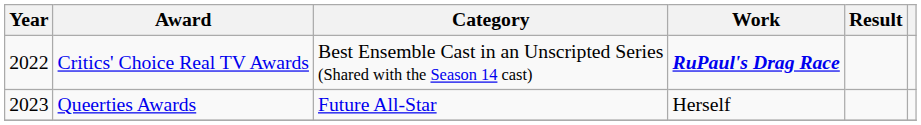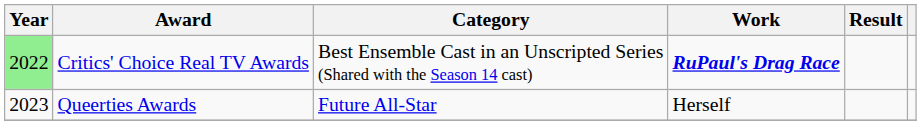 <table class="wikitable">
 <tr>
 <th>Year</th>
 <th>Award</th>
 <th>Category</th>
 <th>Work</th>
 <th>Result</th>
 <th></th>
 </tr>
 <tr>
-<td>2022</td>
+<td style="background: lightgreen;">2022</td>
 <td><a href='#'>Critics' Choice Real TV Awards</a></td>
 <td>Best Ensemble Cast in an Unscripted Series<br><small>(Shared with the <a href='#'>Season 14</a> cast)</small></td>
 <td><strong><a href='#'><em>RuPaul's Drag Race</em></a></strong></td>
 <td></td>
 <td style="text-align:center"></td>
 </tr>
 <tr>
 <td>2023</td>
 <td><a href='#'>Queerties Awards</a></td>
 <td><a href='#'>Future All-Star</a></td>
 <td>Herself</td>
 <td></td>
 <td style="text-align:center"></td>
 </tr>
 <tr>
 </tr>
 </table>
